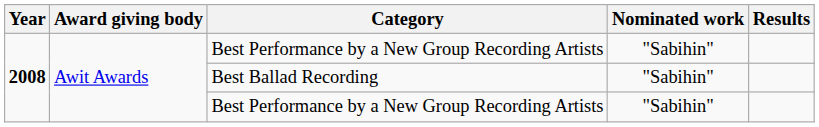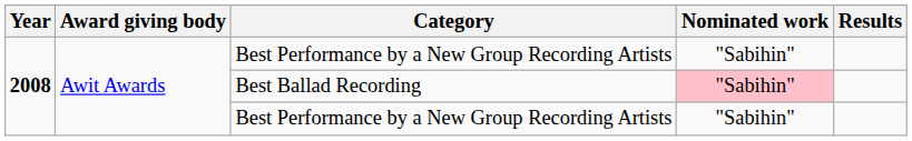 <table class="wikitable">
 <tr>
 <th>Year</th>
 <th>Award giving body</th>
 <th>Category</th>
 <th>Nominated work</th>
 <th>Results</th>
 </tr>
 <tr>
 <td rowspan=3><strong>2008</strong></td>
 <td rowspan=3><a href='#'>Awit Awards</a></td>
 <td>Best Performance by a New Group Recording Artists </td>
 <td align=center>"Sabihin"</td>
 <td></td>
 </tr>
 <tr>
 <td>Best Ballad Recording</td>
-<td align=center>"Sabihin"</td>
+<td align=center style="background: pink;">"Sabihin"</td>
 <td></td>
 </tr>
 <tr>
 <td>Best Performance by a New Group Recording Artists </td>
 <td align=center>"Sabihin"</td>
 <td></td>
 </tr>
 </table>
